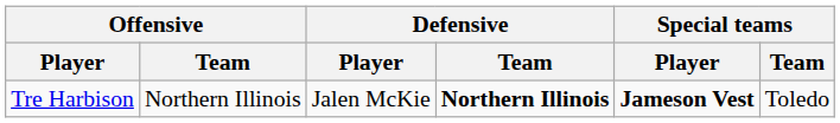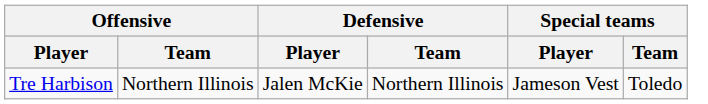 <table class="wikitable" style="display: inline-table;">
 <tr>
 <th colspan="2">Offensive</th>
 <th colspan="2">Defensive</th>
 <th colspan="2">Special teams</th>
 </tr>
 <tr>
 <th>Player</th>
 <th>Team</th>
 <th>Player</th>
 <th>Team</th>
 <th>Player</th>
 <th>Team</th>
 </tr>
 <tr>
 <td><a href='#'>Tre Harbison</a></td>
 <td>Northern Illinois</td>
 <td>Jalen McKie</td>
-<td><strong>Northern Illinois</strong></td>
-<td><strong>Jameson Vest</strong></td>
+<td>Northern Illinois</td>
+<td>Jameson Vest</td>
 <td>Toledo</td>
 </tr>
 </table>
